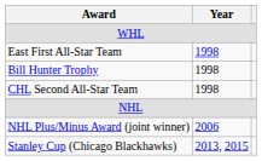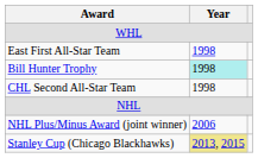 <table class="wikitable">
 <tr>
 <th>Award</th>
 <th>Year</th>
 <th></th>
 </tr>
 <tr ALIGN="center" bgcolor="#e0e0e0">
 <td colspan="3"><a href='#'>WHL</a></td>
 </tr>
 <tr>
 <td>East First All-Star Team</td>
 <td><a href='#'>1998</a></td>
 <td></td>
 </tr>
 <tr>
 <td><a href='#'>Bill Hunter Trophy</a></td>
-<td>1998</td>
+<td style="background: paleturquoise;">1998</td>
 <td></td>
 </tr>
 <tr>
 <td><a href='#'>CHL</a> Second All-Star Team</td>
 <td>1998</td>
 <td></td>
 </tr>
 <tr ALIGN="center" bgcolor="#e0e0e0">
 <td colspan="3"><a href='#'>NHL</a></td>
 </tr>
 <tr>
 <td><a href='#'>NHL Plus/Minus Award</a> (joint winner)</td>
 <td><a href='#'>2006</a></td>
 <td></td>
 </tr>
 <tr>
 <td><a href='#'>Stanley Cup</a> (Chicago Blackhawks)</td>
-<td><a href='#'>2013</a>, <a href='#'>2015</a></td>
+<td style="background: khaki;"><a href='#'>2013</a>, <a href='#'>2015</a></td>
 <td></td>
 </tr>
 </table>
